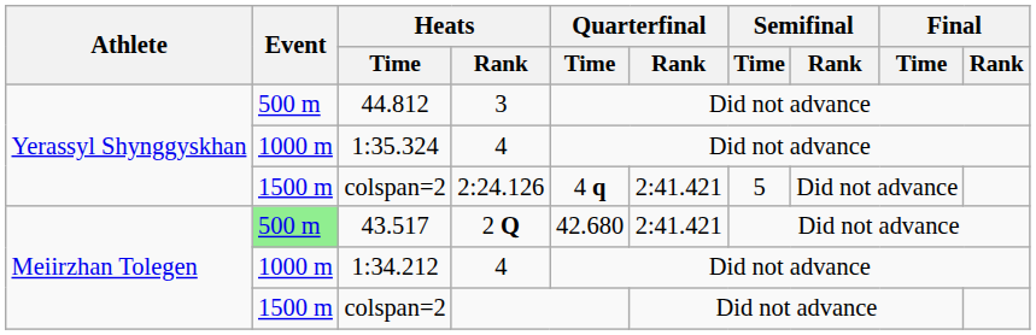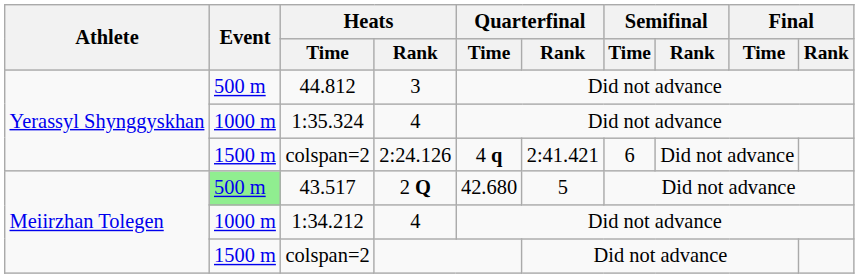 <table class="wikitable" style="font-size:90%">
 <tr>
 <th rowspan=2>Athlete</th>
 <th rowspan=2>Event</th>
 <th colspan=2>Heats</th>
 <th colspan=2>Quarterfinal</th>
 <th colspan=2>Semifinal</th>
 <th colspan=2>Final</th>
 </tr>
 <tr style="font-size:95%">
 <th>Time</th>
 <th>Rank</th>
 <th>Time</th>
 <th>Rank</th>
 <th>Time</th>
 <th>Rank</th>
 <th>Time</th>
 <th>Rank</th>
 </tr>
 <tr align=center>
 <td align=left rowspan=3><a href='#'>Yerassyl Shynggyskhan</a></td>
 <td align=left><a href='#'>500 m</a></td>
 <td>44.812</td>
 <td>3</td>
 <td colspan=6>Did not advance</td>
 </tr>
 <tr align=center>
 <td align=left><a href='#'>1000 m</a></td>
 <td>1:35.324</td>
 <td>4</td>
 <td colspan=6>Did not advance</td>
 </tr>
 <tr align=center>
 <td align=left><a href='#'>1500 m</a></td>
 <td>colspan=2</td>
 <td>2:24.126</td>
 <td>4 <strong>q</strong></td>
 <td>2:41.421</td>
-<td>5</td>
+<td>6</td>
 <td colspan=2>Did not advance</td>
 </tr>
 <tr align=center>
 <td align=left rowspan=3><a href='#'>Meiirzhan Tolegen</a></td>
 <td align=left style="background: lightgreen;"><a href='#'>500 m</a></td>
 <td>43.517</td>
 <td>2 <strong>Q</strong></td>
 <td>42.680</td>
-<td>2:41.421</td>
+<td>5</td>
 <td colspan=4>Did not advance</td>
 </tr>
 <tr align=center>
 <td align=left><a href='#'>1000 m</a></td>
 <td>1:34.212</td>
 <td>4</td>
 <td colspan=6>Did not advance</td>
 </tr>
 <tr align=center>
 <td align=left><a href='#'>1500 m</a></td>
 <td>colspan=2</td>
 <td colspan=2></td>
 <td colspan=4>Did not advance</td>
 </tr>
 </table>
